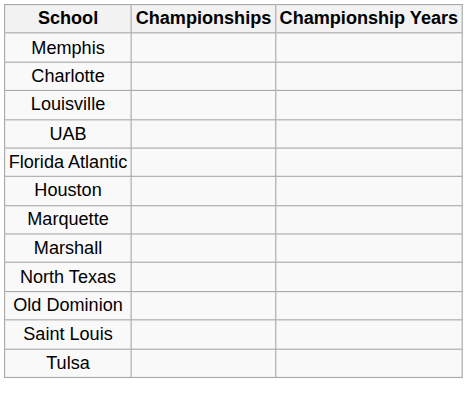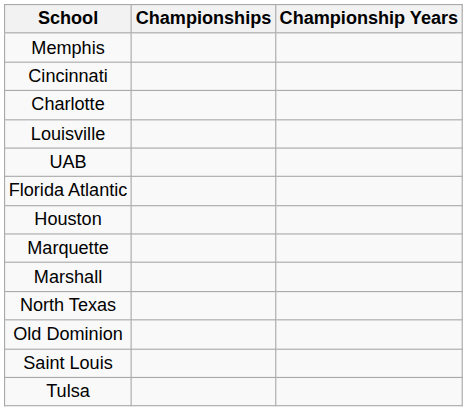 <table class="wikitable sortable" style="text-align:center">
 <tr>
 <th width=px>School</th>
 <th width=px>Championships</th>
 <th width=px>Championship Years</th>
 </tr>
 <tr>
 <td>Memphis</td>
+<td></td>
+<td></td>
+</tr>
+<tr>
+<td>Cincinnati</td>
 <td></td>
 <td></td>
 </tr>
 <tr>
 <td>Charlotte</td>
 <td></td>
 <td></td>
 </tr>
 <tr>
 <td>Louisville</td>
 <td></td>
 <td></td>
 </tr>
 <tr>
 <td>UAB</td>
 <td></td>
 <td></td>
 </tr>
 <tr>
 <td>Florida Atlantic</td>
 <td></td>
 <td></td>
 </tr>
 <tr>
 <td>Houston</td>
 <td></td>
 <td></td>
 </tr>
 <tr>
 <td>Marquette</td>
 <td></td>
 <td></td>
 </tr>
 <tr>
 <td>Marshall</td>
 <td></td>
 <td></td>
 </tr>
 <tr>
 <td>North Texas</td>
 <td></td>
 <td></td>
 </tr>
 <tr>
 <td>Old Dominion</td>
 <td></td>
 <td></td>
 </tr>
 <tr>
 <td>Saint Louis</td>
 <td></td>
 <td></td>
 </tr>
 <tr>
 <td>Tulsa</td>
 <td></td>
 <td></td>
 </tr>
 </table>
